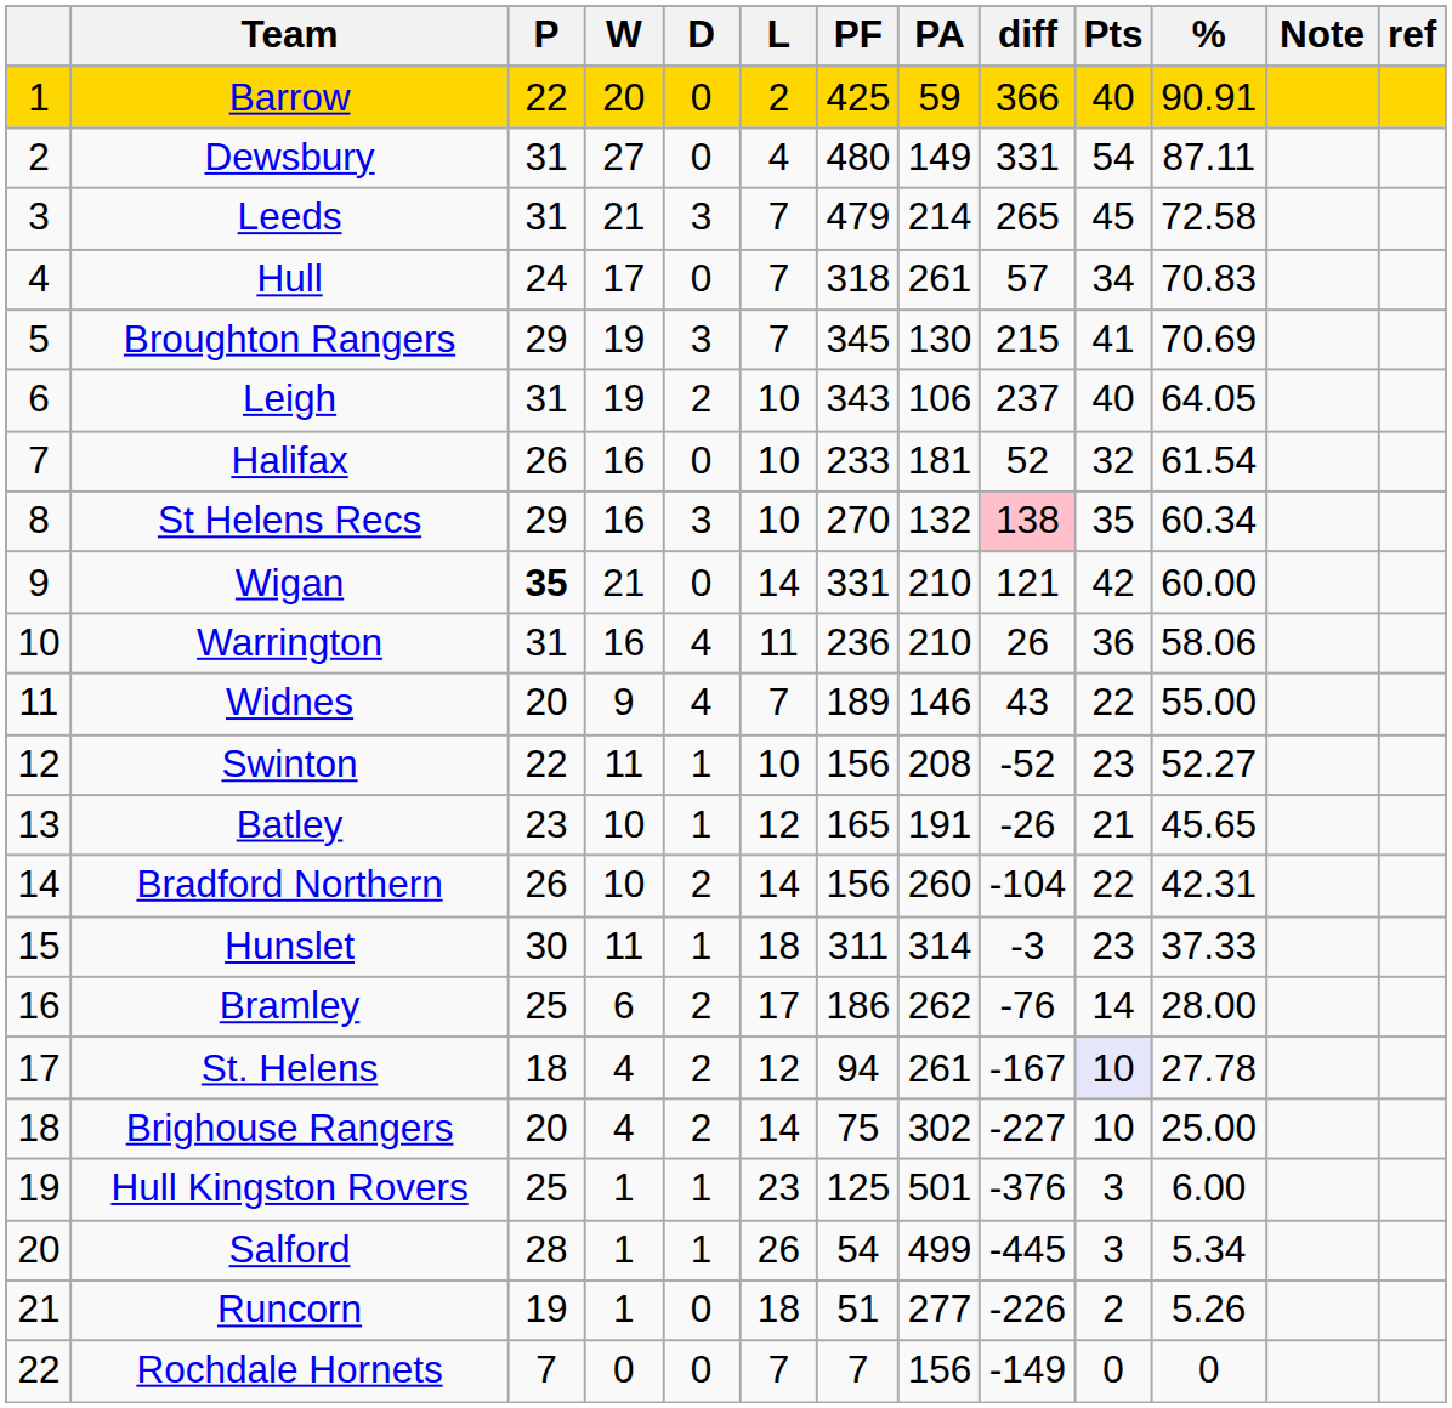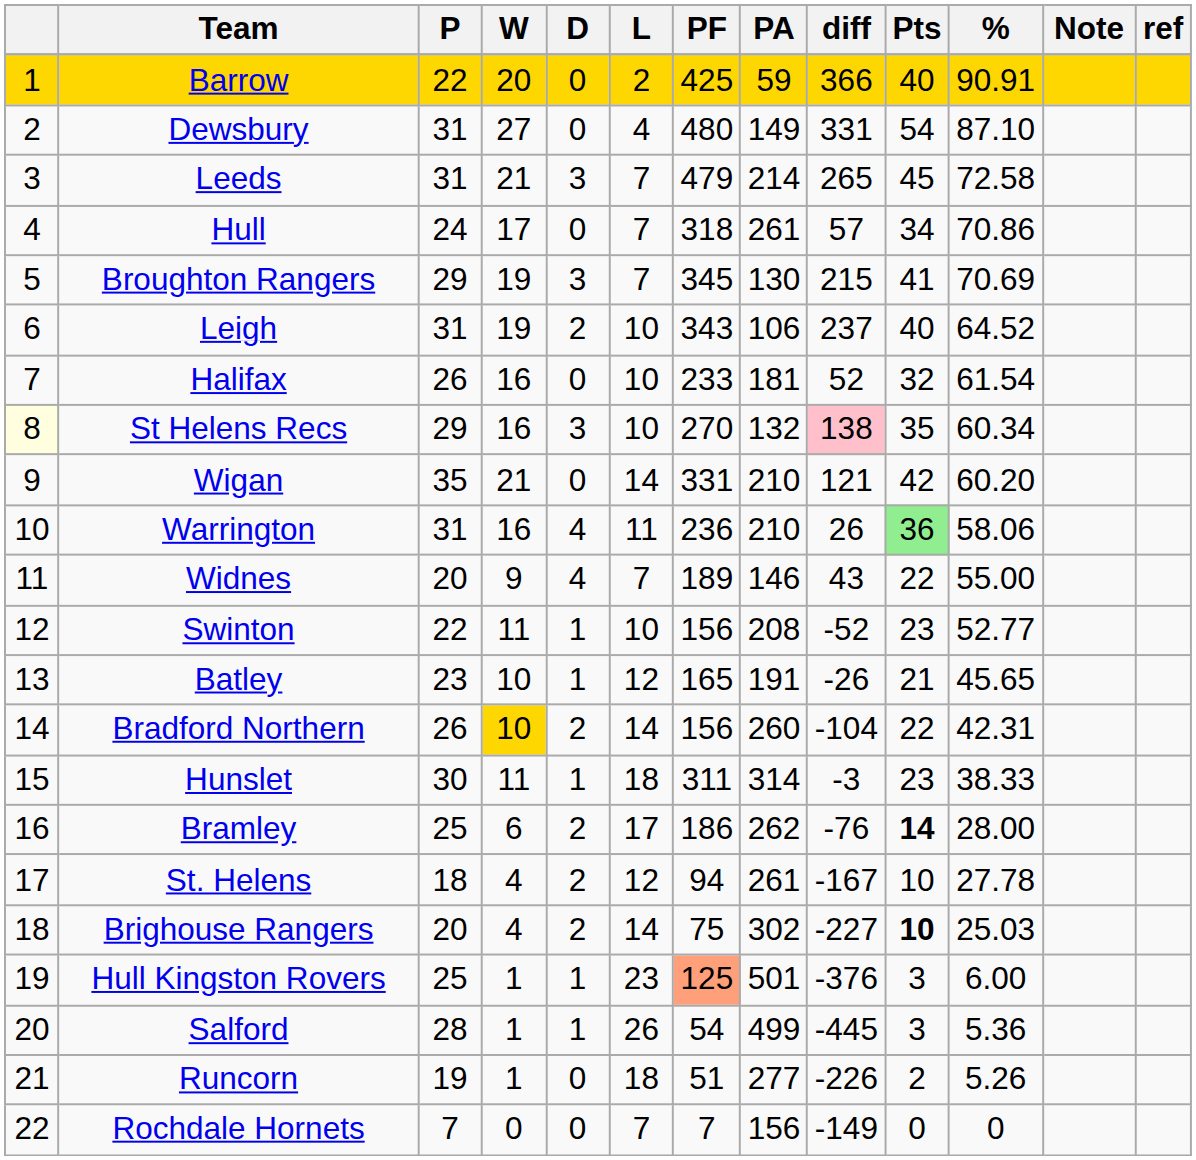 <table class="wikitable" style="text-align:center;">
 <tr>
 <th width=20 abbr="Position"></th>
 <th width=175>Team</th>
 <th width=25 abbr="Played">P</th>
 <th width=25 abbr="Won">W</th>
 <th width=25 abbr="Drawn">D</th>
 <th width=25 abbr="Lost">L</th>
 <th width=25 abbr="Points for">PF</th>
 <th width=25 abbr="Points against">PA</th>
 <th width=30 abbr="Points difference">diff</th>
 <th width=25 abbr="Points">Pts</th>
 <th width=30 abbr=”Win Percentage”>%</th>
 <th width=40 abbr="comments”">Note</th>
 <th width=20 abbr=”Reference”>ref</th>
 </tr>
 <tr>
 </tr>
 <tr align=center style="background:#FFD700;">
 <td>1</td>
 <td><a href='#'>Barrow</a></td>
 <td>22</td>
 <td>20</td>
 <td>0</td>
 <td>2</td>
 <td>425</td>
 <td>59</td>
 <td>366</td>
 <td>40</td>
 <td>90.91</td>
 <td></td>
 <td></td>
 </tr>
 <tr align=center style="background:">
 <td>2</td>
 <td><a href='#'>Dewsbury</a></td>
 <td>31</td>
 <td>27</td>
 <td>0</td>
 <td>4</td>
 <td>480</td>
 <td>149</td>
 <td>331</td>
 <td>54</td>
-<td>87.11</td>
+<td>87.10</td>
 <td></td>
 <td></td>
 </tr>
 <tr>
 <td>3</td>
 <td><a href='#'>Leeds</a></td>
 <td>31</td>
 <td>21</td>
 <td>3</td>
 <td>7</td>
 <td>479</td>
 <td>214</td>
 <td>265</td>
 <td>45</td>
 <td>72.58</td>
 <td></td>
 <td></td>
 </tr>
 <tr>
 <td>4</td>
 <td><a href='#'>Hull</a></td>
 <td>24</td>
 <td>17</td>
 <td>0</td>
 <td>7</td>
 <td>318</td>
 <td>261</td>
 <td>57</td>
 <td>34</td>
-<td>70.83</td>
+<td>70.86</td>
 <td></td>
 <td></td>
 </tr>
 <tr>
 <td>5</td>
 <td><a href='#'>Broughton Rangers</a></td>
 <td>29</td>
 <td>19</td>
 <td>3</td>
 <td>7</td>
 <td>345</td>
 <td>130</td>
 <td>215</td>
 <td>41</td>
 <td>70.69</td>
 <td></td>
 <td></td>
 </tr>
 <tr>
 <td>6</td>
 <td><a href='#'>Leigh</a></td>
 <td>31</td>
 <td>19</td>
 <td>2</td>
 <td>10</td>
 <td>343</td>
 <td>106</td>
 <td>237</td>
 <td>40</td>
-<td>64.05</td>
+<td>64.52</td>
 <td></td>
 <td></td>
 </tr>
 <tr>
 <td>7</td>
 <td><a href='#'>Halifax</a></td>
 <td>26</td>
 <td>16</td>
 <td>0</td>
 <td>10</td>
 <td>233</td>
 <td>181</td>
 <td>52</td>
 <td>32</td>
 <td>61.54</td>
 <td></td>
 <td></td>
 </tr>
 <tr>
-<td>8</td>
+<td style="background: lightyellow;">8</td>
 <td><a href='#'>St Helens Recs</a></td>
 <td>29</td>
 <td>16</td>
 <td>3</td>
 <td>10</td>
 <td>270</td>
 <td>132</td>
 <td style="background: pink;">138</td>
 <td>35</td>
 <td>60.34</td>
 <td></td>
 <td></td>
 </tr>
 <tr>
 <td>9</td>
 <td><a href='#'>Wigan</a></td>
-<td><strong>35</strong></td>
+<td>35</td>
 <td>21</td>
 <td>0</td>
 <td>14</td>
 <td>331</td>
 <td>210</td>
 <td>121</td>
 <td>42</td>
-<td>60.00</td>
+<td>60.20</td>
 <td></td>
 <td></td>
 </tr>
 <tr>
 <td>10</td>
 <td><a href='#'>Warrington</a></td>
 <td>31</td>
 <td>16</td>
 <td>4</td>
 <td>11</td>
 <td>236</td>
 <td>210</td>
 <td>26</td>
-<td>36</td>
+<td style="background: lightgreen;">36</td>
 <td>58.06</td>
 <td></td>
 <td></td>
 </tr>
 <tr>
 <td>11</td>
 <td><a href='#'>Widnes</a></td>
 <td>20</td>
 <td>9</td>
 <td>4</td>
 <td>7</td>
 <td>189</td>
 <td>146</td>
 <td>43</td>
 <td>22</td>
 <td>55.00</td>
 <td></td>
 <td></td>
 </tr>
 <tr>
 <td>12</td>
 <td><a href='#'>Swinton</a></td>
 <td>22</td>
 <td>11</td>
 <td>1</td>
 <td>10</td>
 <td>156</td>
 <td>208</td>
 <td>-52</td>
 <td>23</td>
-<td>52.27</td>
+<td>52.77</td>
 <td></td>
 <td></td>
 </tr>
 <tr>
 <td>13</td>
 <td><a href='#'>Batley</a></td>
 <td>23</td>
 <td>10</td>
 <td>1</td>
 <td>12</td>
 <td>165</td>
 <td>191</td>
 <td>-26</td>
 <td>21</td>
 <td>45.65</td>
 <td></td>
 <td></td>
 </tr>
 <tr>
 <td>14</td>
 <td><a href='#'>Bradford Northern</a></td>
 <td>26</td>
-<td>10</td>
+<td style="background: gold;">10</td>
 <td>2</td>
 <td>14</td>
 <td>156</td>
 <td>260</td>
 <td>-104</td>
 <td>22</td>
 <td>42.31</td>
 <td></td>
 <td></td>
 </tr>
 <tr>
 <td>15</td>
 <td><a href='#'>Hunslet</a></td>
 <td>30</td>
 <td>11</td>
 <td>1</td>
 <td>18</td>
 <td>311</td>
 <td>314</td>
 <td>-3</td>
 <td>23</td>
-<td>37.33</td>
+<td>38.33</td>
 <td></td>
 <td></td>
 </tr>
 <tr>
 <td>16</td>
 <td><a href='#'>Bramley</a></td>
 <td>25</td>
 <td>6</td>
 <td>2</td>
 <td>17</td>
 <td>186</td>
 <td>262</td>
 <td>-76</td>
-<td>14</td>
+<td><strong>14</strong></td>
 <td>28.00</td>
 <td></td>
 <td></td>
 </tr>
 <tr>
 <td>17</td>
 <td><a href='#'>St. Helens</a></td>
 <td>18</td>
 <td>4</td>
 <td>2</td>
 <td>12</td>
 <td>94</td>
 <td>261</td>
 <td>-167</td>
-<td style="background: lavender;">10</td>
+<td>10</td>
 <td>27.78</td>
 <td></td>
 <td></td>
 </tr>
 <tr>
 <td>18</td>
 <td><a href='#'>Brighouse Rangers</a></td>
 <td>20</td>
 <td>4</td>
 <td>2</td>
 <td>14</td>
 <td>75</td>
 <td>302</td>
 <td>-227</td>
-<td>10</td>
-<td>25.00</td>
+<td><strong>10</strong></td>
+<td>25.03</td>
 <td></td>
 <td></td>
 </tr>
 <tr>
 <td>19</td>
 <td><a href='#'>Hull Kingston Rovers</a></td>
 <td>25</td>
 <td>1</td>
 <td>1</td>
 <td>23</td>
-<td>125</td>
+<td style="background: lightsalmon;">125</td>
 <td>501</td>
 <td>-376</td>
 <td>3</td>
 <td>6.00</td>
 <td></td>
 <td></td>
 </tr>
 <tr>
 <td>20</td>
 <td><a href='#'>Salford</a></td>
 <td>28</td>
 <td>1</td>
 <td>1</td>
 <td>26</td>
 <td>54</td>
 <td>499</td>
 <td>-445</td>
 <td>3</td>
-<td>5.34</td>
+<td>5.36</td>
 <td></td>
 <td></td>
 </tr>
 <tr>
 <td>21</td>
 <td><a href='#'>Runcorn</a></td>
 <td>19</td>
 <td>1</td>
 <td>0</td>
 <td>18</td>
 <td>51</td>
 <td>277</td>
 <td>-226</td>
 <td>2</td>
 <td>5.26</td>
 <td></td>
 <td></td>
 </tr>
 <tr>
 <td>22</td>
 <td><a href='#'>Rochdale Hornets</a></td>
 <td>7</td>
 <td>0</td>
 <td>0</td>
 <td>7</td>
 <td>7</td>
 <td>156</td>
 <td>-149</td>
 <td>0</td>
 <td>0</td>
 <td></td>
 <td></td>
 </tr>
 </table>
